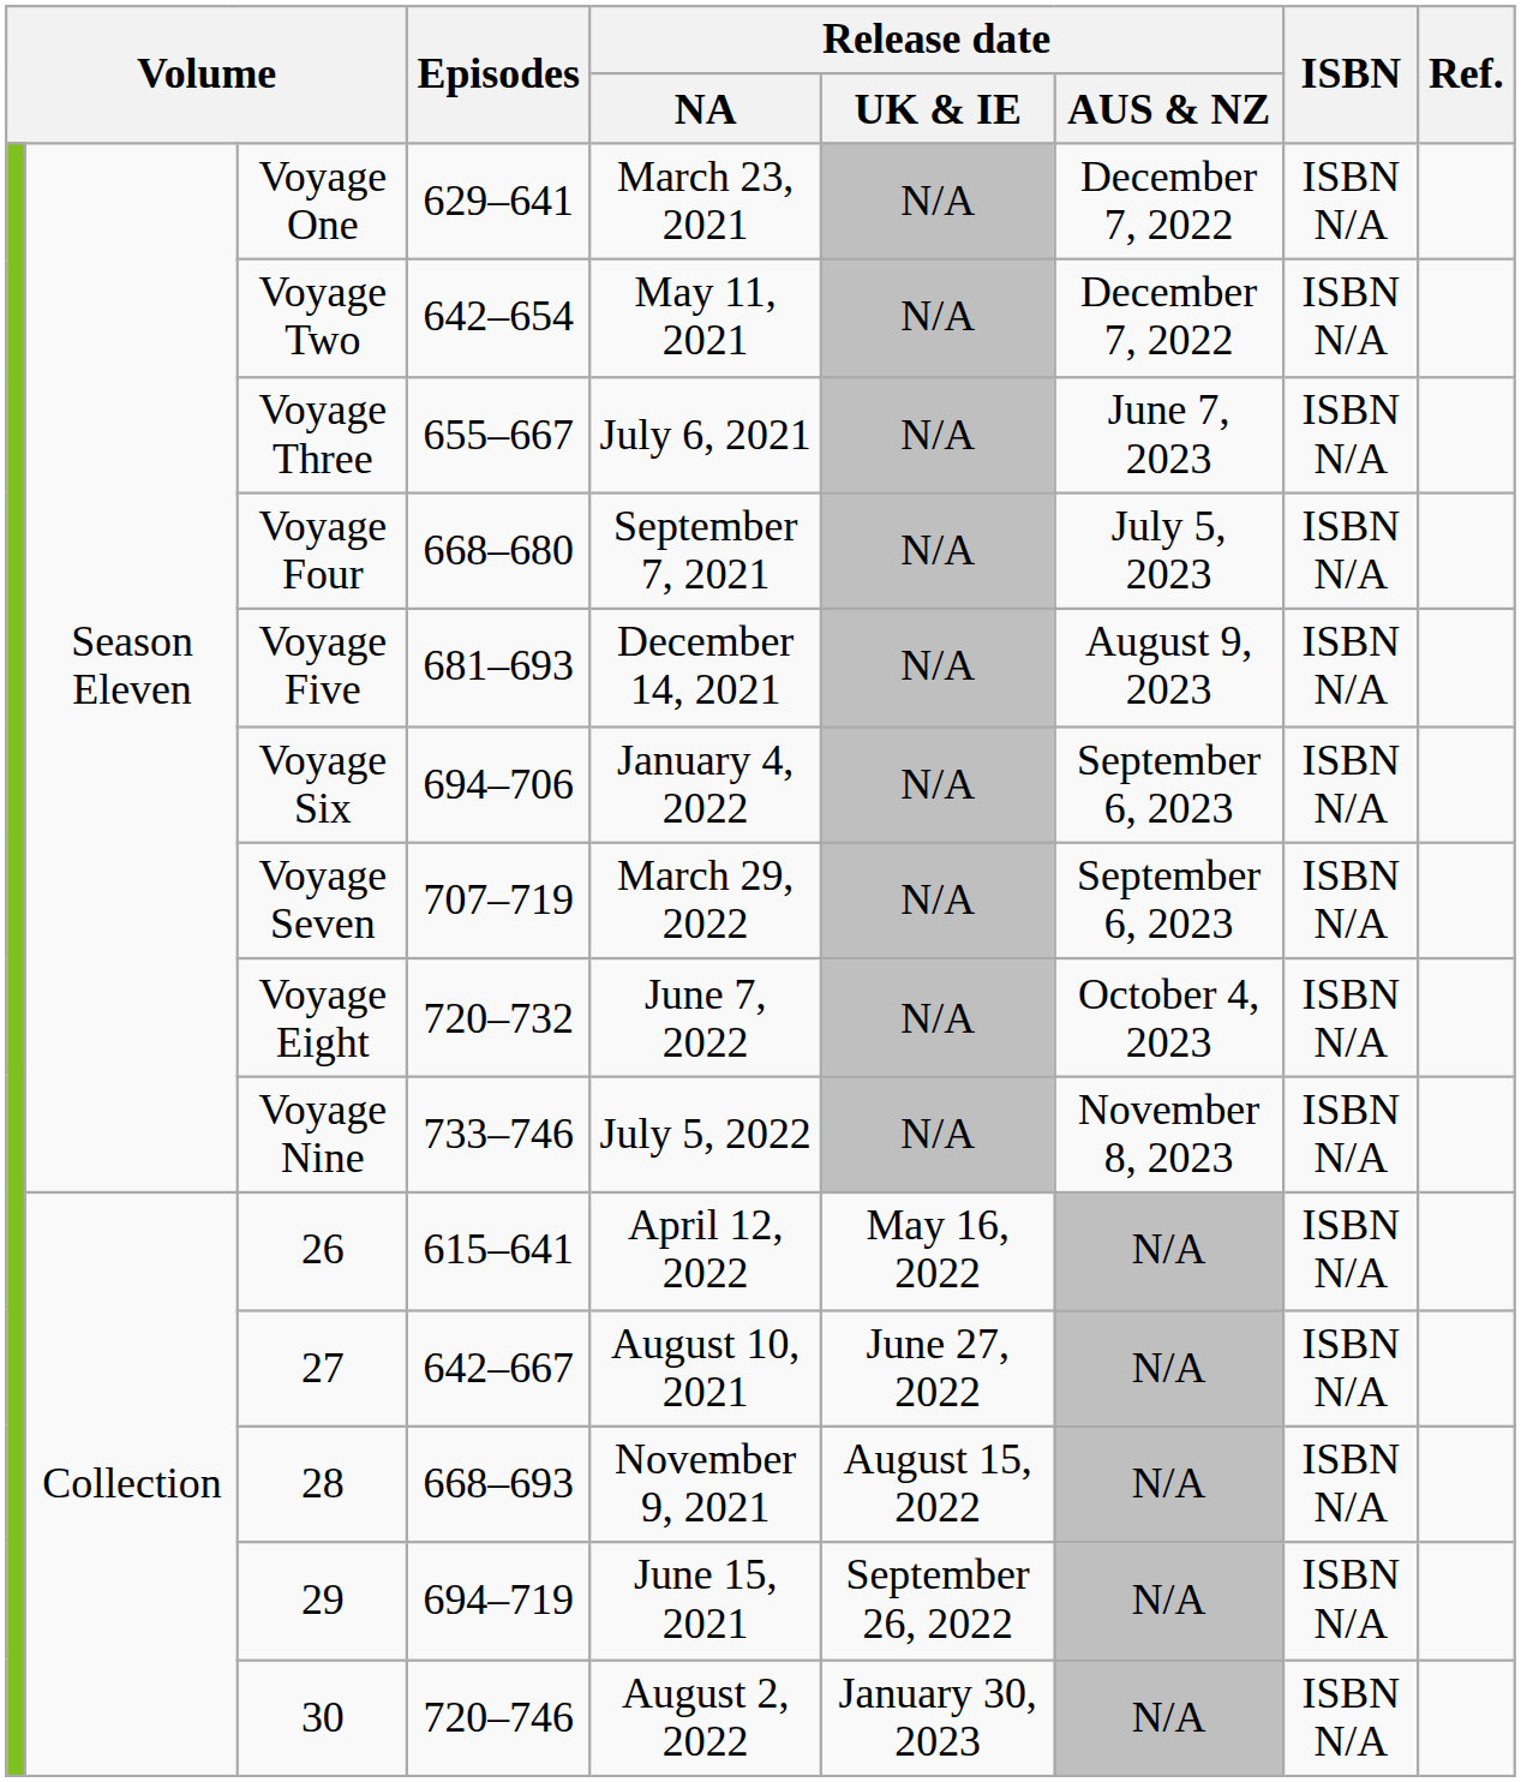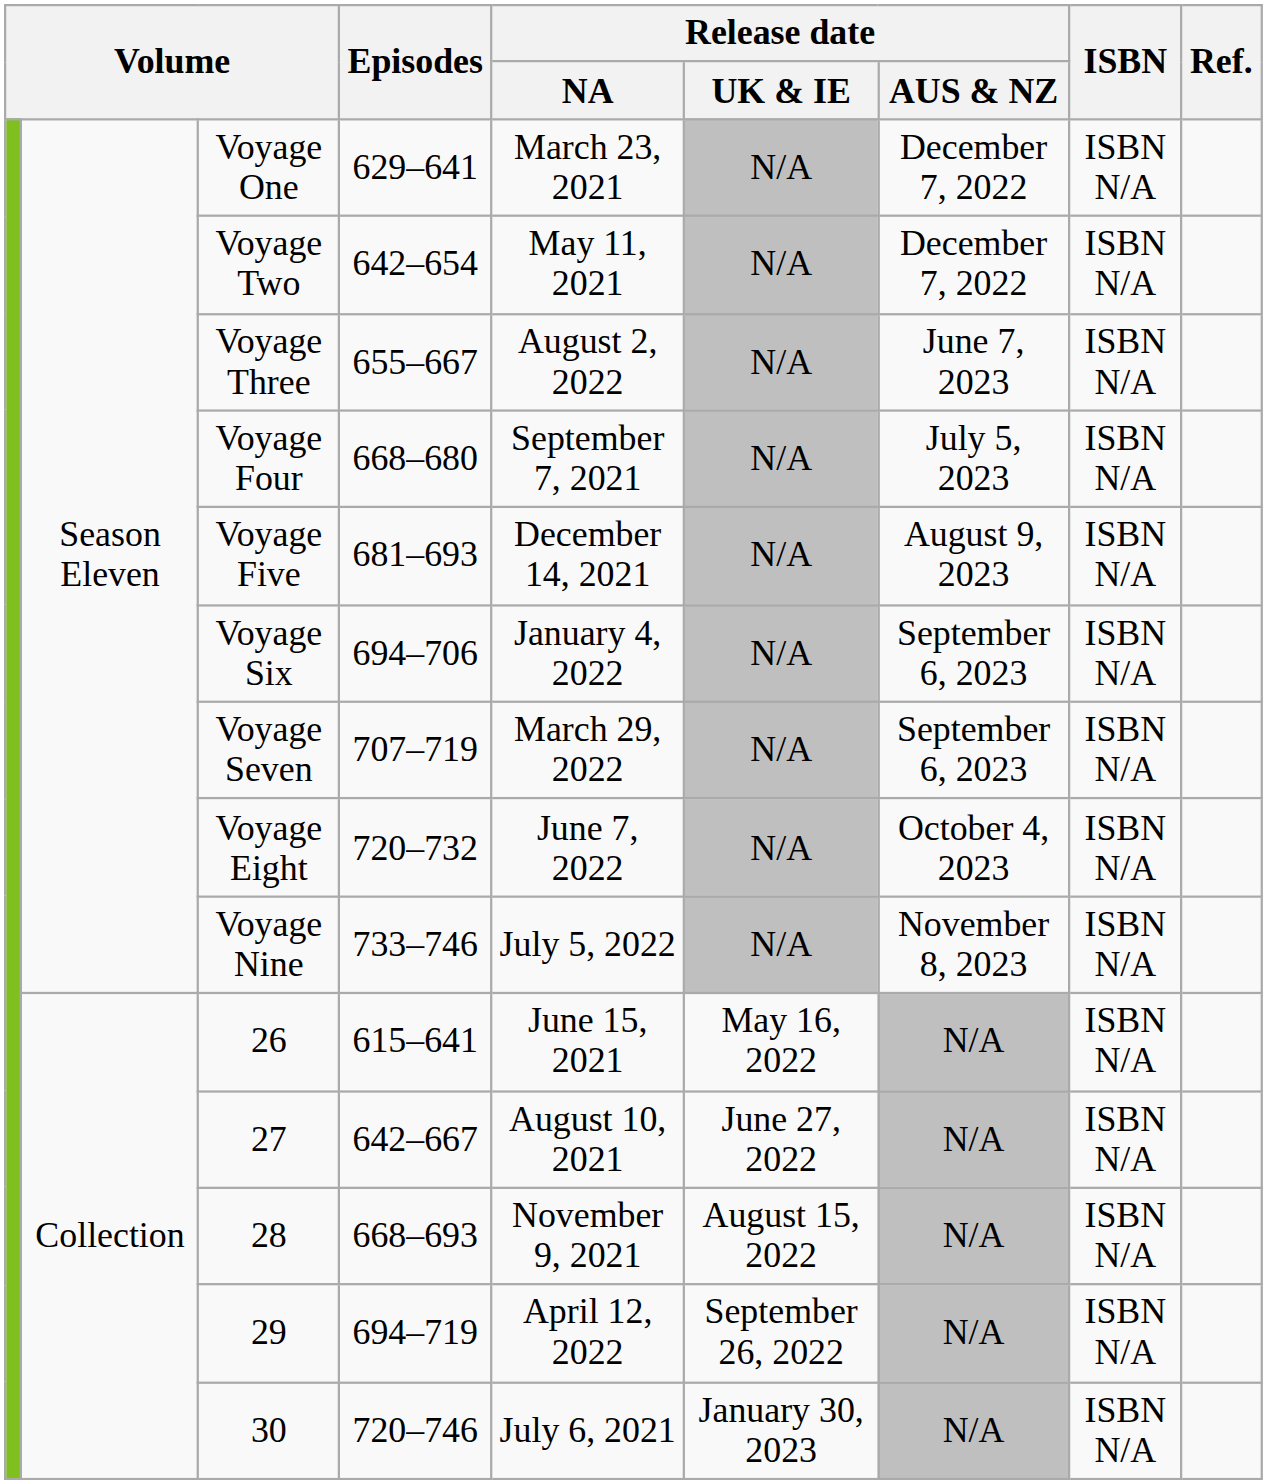 <table class="wikitable" style="text-align: center; width: 90%;">
 <tr>
 <th colspan="3" rowspan="2">Volume</th>
 <th rowspan="2">Episodes</th>
 <th colspan="3">Release date</th>
 <th rowspan="2">ISBN</th>
 <th rowspan="2" width="5%">Ref.</th>
 </tr>
 <tr>
 <th>NA</th>
 <th>UK & IE</th>
 <th>AUS & NZ</th>
 </tr>
 <tr>
 <td rowspan="14" style="width:1%; background:#7FC01E;"></td>
 <td rowspan="9">Season Eleven</td>
 <td>Voyage One</td>
 <td>629–641</td>
 <td>March 23, 2021</td>
 <td style="background:#BFBFBF;">N/A</td>
 <td>December 7, 2022</td>
 <td>ISBN N/A</td>
 <td></td>
 </tr>
 <tr>
 <td>Voyage Two</td>
 <td>642–654</td>
 <td>May 11, 2021</td>
 <td style="background:#BFBFBF;">N/A</td>
 <td>December 7, 2022</td>
 <td>ISBN N/A</td>
 <td></td>
 </tr>
 <tr>
 <td>Voyage Three</td>
 <td>655–667</td>
-<td>July 6, 2021</td>
+<td>August 2, 2022</td>
 <td style="background:#BFBFBF;">N/A</td>
 <td>June 7, 2023</td>
 <td>ISBN N/A</td>
 <td></td>
 </tr>
 <tr>
 <td>Voyage Four</td>
 <td>668–680</td>
 <td>September 7, 2021</td>
 <td style="background:#BFBFBF;">N/A</td>
 <td>July 5, 2023</td>
 <td>ISBN N/A</td>
 <td></td>
 </tr>
 <tr>
 <td>Voyage Five</td>
 <td>681–693</td>
 <td>December 14, 2021</td>
 <td style="background:#BFBFBF;">N/A</td>
 <td>August 9, 2023</td>
 <td>ISBN N/A</td>
 <td></td>
 </tr>
 <tr>
 <td>Voyage Six</td>
 <td>694–706</td>
 <td>January 4, 2022</td>
 <td style="background:#BFBFBF;">N/A</td>
 <td>September 6, 2023</td>
 <td>ISBN N/A</td>
 <td></td>
 </tr>
 <tr>
 <td>Voyage Seven</td>
 <td>707–719</td>
 <td>March 29, 2022</td>
 <td style="background:#BFBFBF;">N/A</td>
 <td>September 6, 2023</td>
 <td>ISBN N/A</td>
 <td></td>
 </tr>
 <tr>
 <td>Voyage Eight</td>
 <td>720–732</td>
 <td>June 7, 2022</td>
 <td style="background:#BFBFBF;">N/A</td>
 <td>October 4, 2023</td>
 <td>ISBN N/A</td>
 <td></td>
 </tr>
 <tr>
 <td>Voyage Nine</td>
 <td>733–746</td>
 <td>July 5, 2022</td>
 <td style="background:#BFBFBF;">N/A</td>
 <td>November 8, 2023</td>
 <td>ISBN N/A</td>
 <td></td>
 </tr>
 <tr>
 <td rowspan="5">Collection</td>
 <td>26</td>
 <td>615–641</td>
-<td>April 12, 2022</td>
+<td>June 15, 2021</td>
 <td>May 16, 2022</td>
 <td style="background:#BFBFBF;">N/A</td>
 <td>ISBN N/A</td>
 <td></td>
 </tr>
 <tr>
 <td>27</td>
 <td>642–667</td>
 <td>August 10, 2021</td>
 <td>June 27, 2022</td>
 <td style="background:#BFBFBF;">N/A</td>
 <td>ISBN N/A</td>
 <td></td>
 </tr>
 <tr>
 <td>28</td>
 <td>668–693</td>
 <td>November 9, 2021</td>
 <td>August 15, 2022</td>
 <td style="background:#BFBFBF;">N/A</td>
 <td>ISBN N/A</td>
 <td></td>
 </tr>
 <tr>
 <td>29</td>
 <td>694–719</td>
-<td>June 15, 2021</td>
+<td>April 12, 2022</td>
 <td>September 26, 2022</td>
 <td style="background:#BFBFBF;">N/A</td>
 <td>ISBN N/A</td>
 <td></td>
 </tr>
 <tr>
 <td>30</td>
 <td>720–746</td>
-<td>August 2, 2022</td>
+<td>July 6, 2021</td>
 <td>January 30, 2023</td>
 <td style="background:#BFBFBF;">N/A</td>
 <td>ISBN N/A</td>
 <td></td>
 </tr>
 </table>
